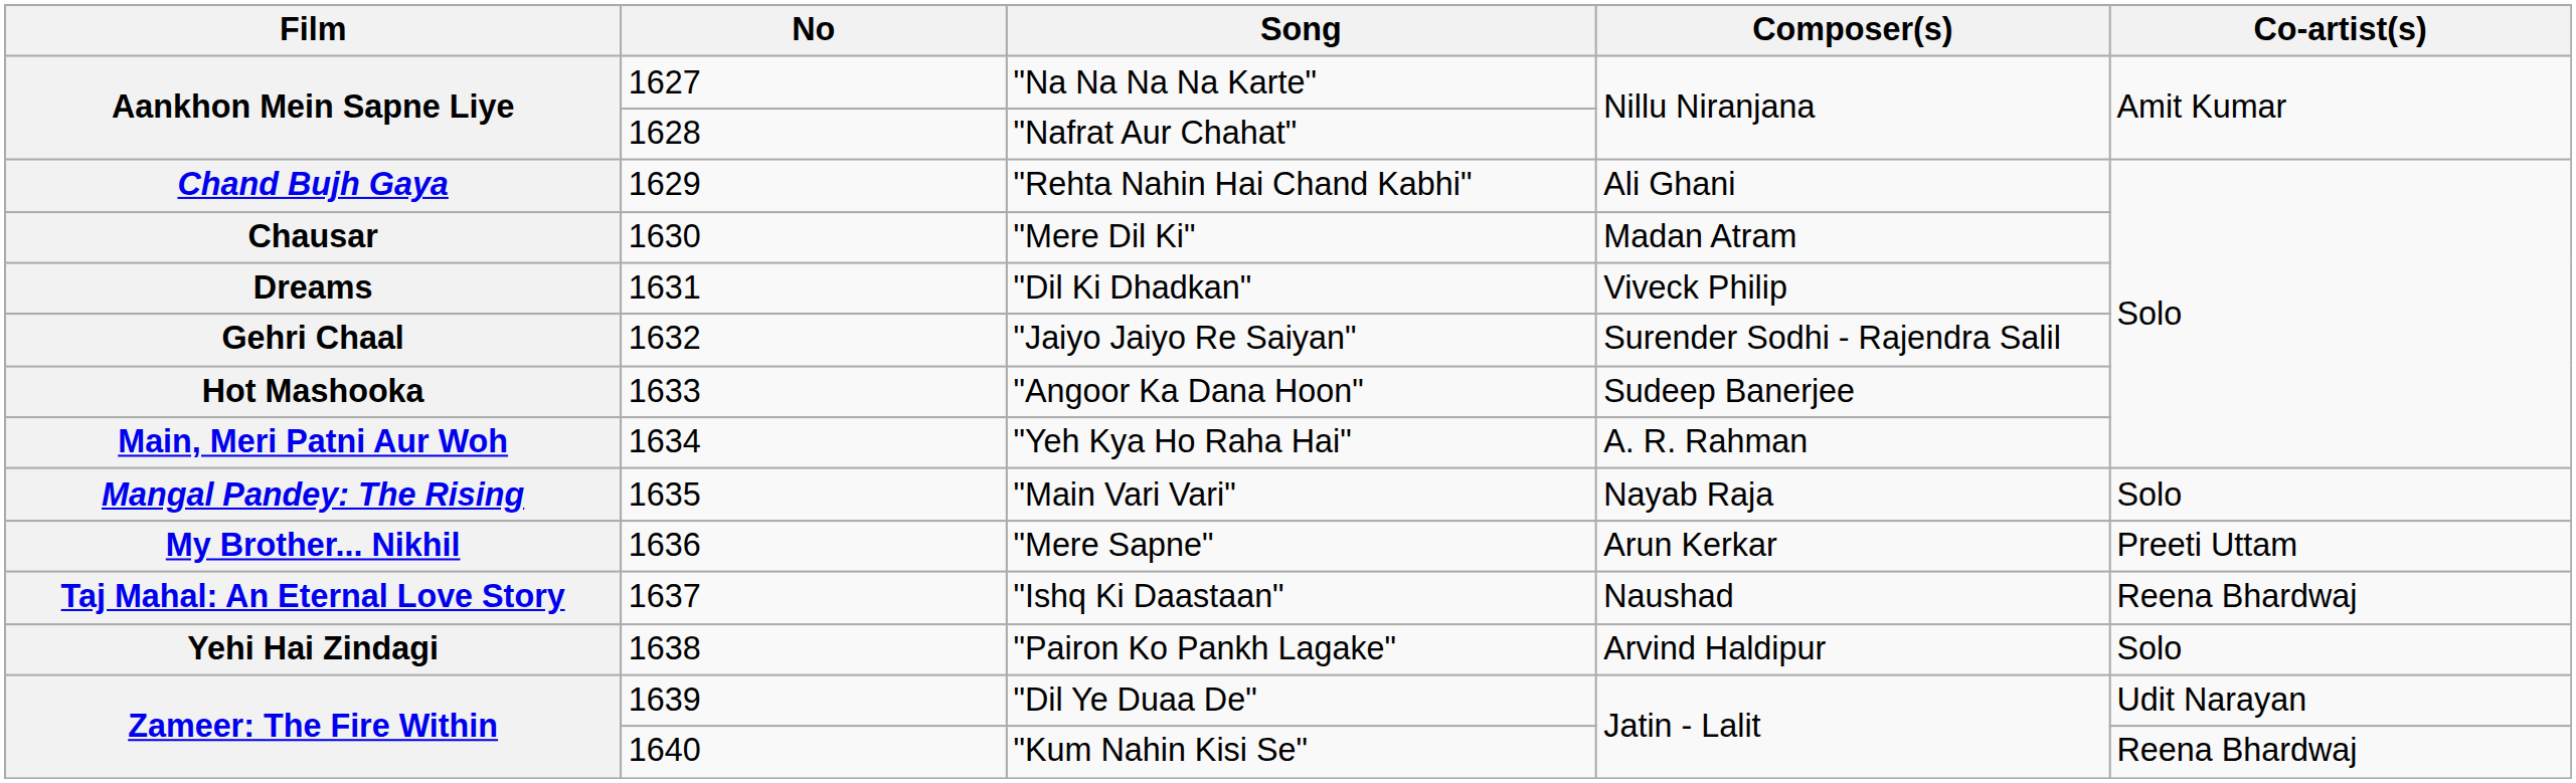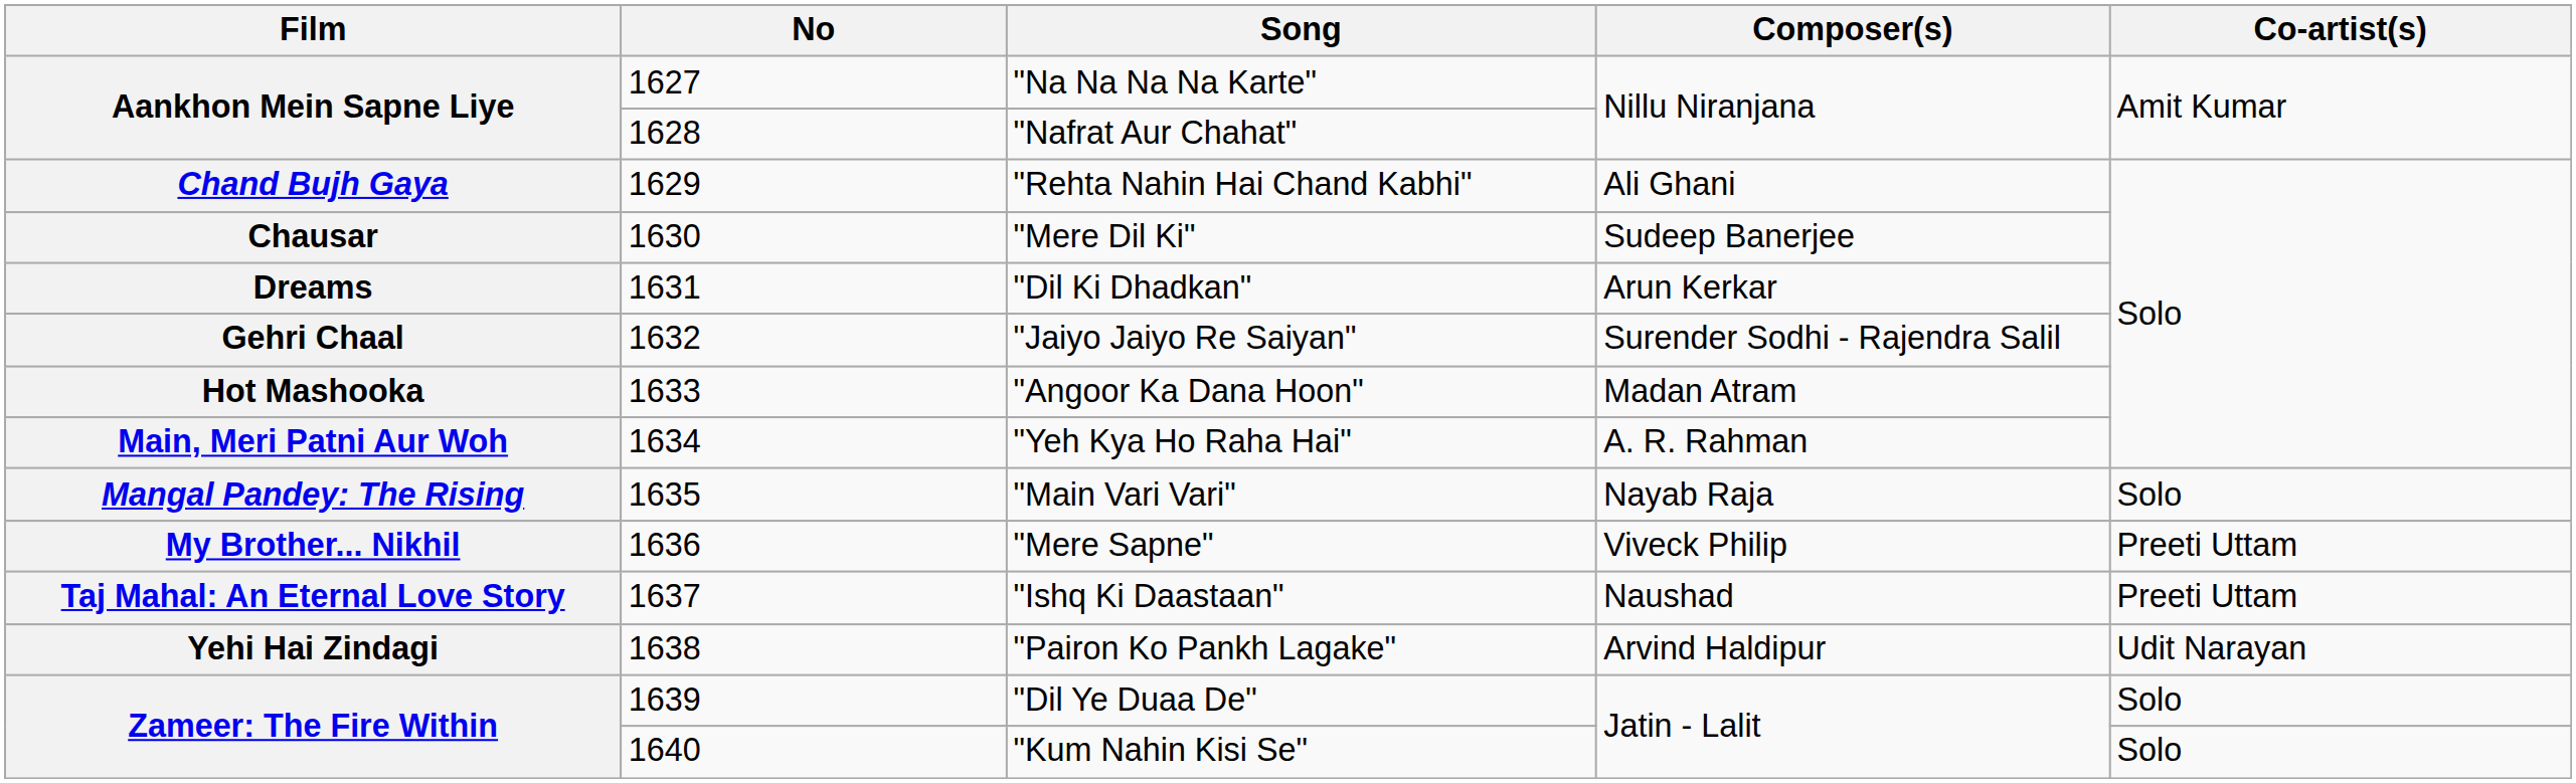 <table class="wikitable plainrowheaders" style="width:100%; textcolor:#000">
 <tr>
 <th scope="col" style="width:24%;">Film</th>
 <th>No</th>
 <th scope="col" style="width:23%;">Song</th>
 <th scope="col" style="width:20%;">Composer(s)</th>
 <th scope="col" style="width:18%;">Co-artist(s)</th>
 </tr>
 <tr>
 <th rowspan=2>Aankhon Mein Sapne Liye</th>
 <td>1627</td>
 <td>"Na Na Na Na Karte"</td>
 <td rowspan=2>Nillu Niranjana</td>
 <td rowspan=2>Amit Kumar</td>
 </tr>
 <tr>
 <td>1628</td>
 <td>"Nafrat Aur Chahat"</td>
 </tr>
 <tr>
 <th><em><a href='#'>Chand Bujh Gaya</a></em></th>
 <td>1629</td>
 <td>"Rehta Nahin Hai Chand Kabhi"</td>
 <td>Ali Ghani</td>
 <td rowspan=6>Solo</td>
 </tr>
 <tr>
 <th>Chausar</th>
 <td>1630</td>
 <td>"Mere Dil Ki"</td>
-<td>Madan Atram</td>
+<td>Sudeep Banerjee</td>
 </tr>
 <tr>
 <th>Dreams</th>
 <td>1631</td>
 <td>"Dil Ki Dhadkan"</td>
-<td>Viveck Philip</td>
+<td>Arun Kerkar</td>
 </tr>
 <tr>
 <th>Gehri Chaal</th>
 <td>1632</td>
 <td>"Jaiyo Jaiyo Re Saiyan"</td>
 <td>Surender Sodhi - Rajendra Salil</td>
 </tr>
 <tr>
 <th>Hot Mashooka</th>
 <td>1633</td>
 <td>"Angoor Ka Dana Hoon"</td>
-<td>Sudeep Banerjee</td>
+<td>Madan Atram</td>
 </tr>
 <tr>
 <th><a href='#'>Main, Meri Patni Aur Woh</a></th>
 <td>1634</td>
 <td>"Yeh Kya Ho Raha Hai"</td>
 <td>A. R. Rahman</td>
 </tr>
 <tr>
 <th><em><a href='#'>Mangal Pandey: The Rising</a></em></th>
 <td>1635</td>
 <td>"Main Vari Vari"</td>
 <td>Nayab Raja</td>
 <td>Solo</td>
 </tr>
 <tr>
 <th><a href='#'>My Brother... Nikhil</a></th>
 <td>1636</td>
 <td>"Mere Sapne"</td>
-<td>Arun Kerkar</td>
+<td>Viveck Philip</td>
 <td>Preeti Uttam</td>
 </tr>
 <tr>
 <th><a href='#'>Taj Mahal: An Eternal Love Story</a></th>
 <td>1637</td>
 <td>"Ishq Ki Daastaan"</td>
 <td>Naushad</td>
-<td>Reena Bhardwaj</td>
+<td>Preeti Uttam</td>
 </tr>
 <tr>
 <th>Yehi Hai Zindagi</th>
 <td>1638</td>
 <td>"Pairon Ko Pankh Lagake"</td>
 <td>Arvind Haldipur</td>
-<td>Solo</td>
+<td>Udit Narayan</td>
 </tr>
 <tr>
 <th rowspan="2"><a href='#'>Zameer: The Fire Within</a></th>
 <td>1639</td>
 <td>"Dil Ye Duaa De"</td>
 <td rowspan="2">Jatin - Lalit</td>
-<td>Udit Narayan</td>
+<td>Solo</td>
 </tr>
 <tr>
 <td>1640</td>
 <td>"Kum Nahin Kisi Se"</td>
-<td>Reena Bhardwaj</td>
+<td>Solo</td>
 </tr>
 <tr>
 </tr>
 </table>
